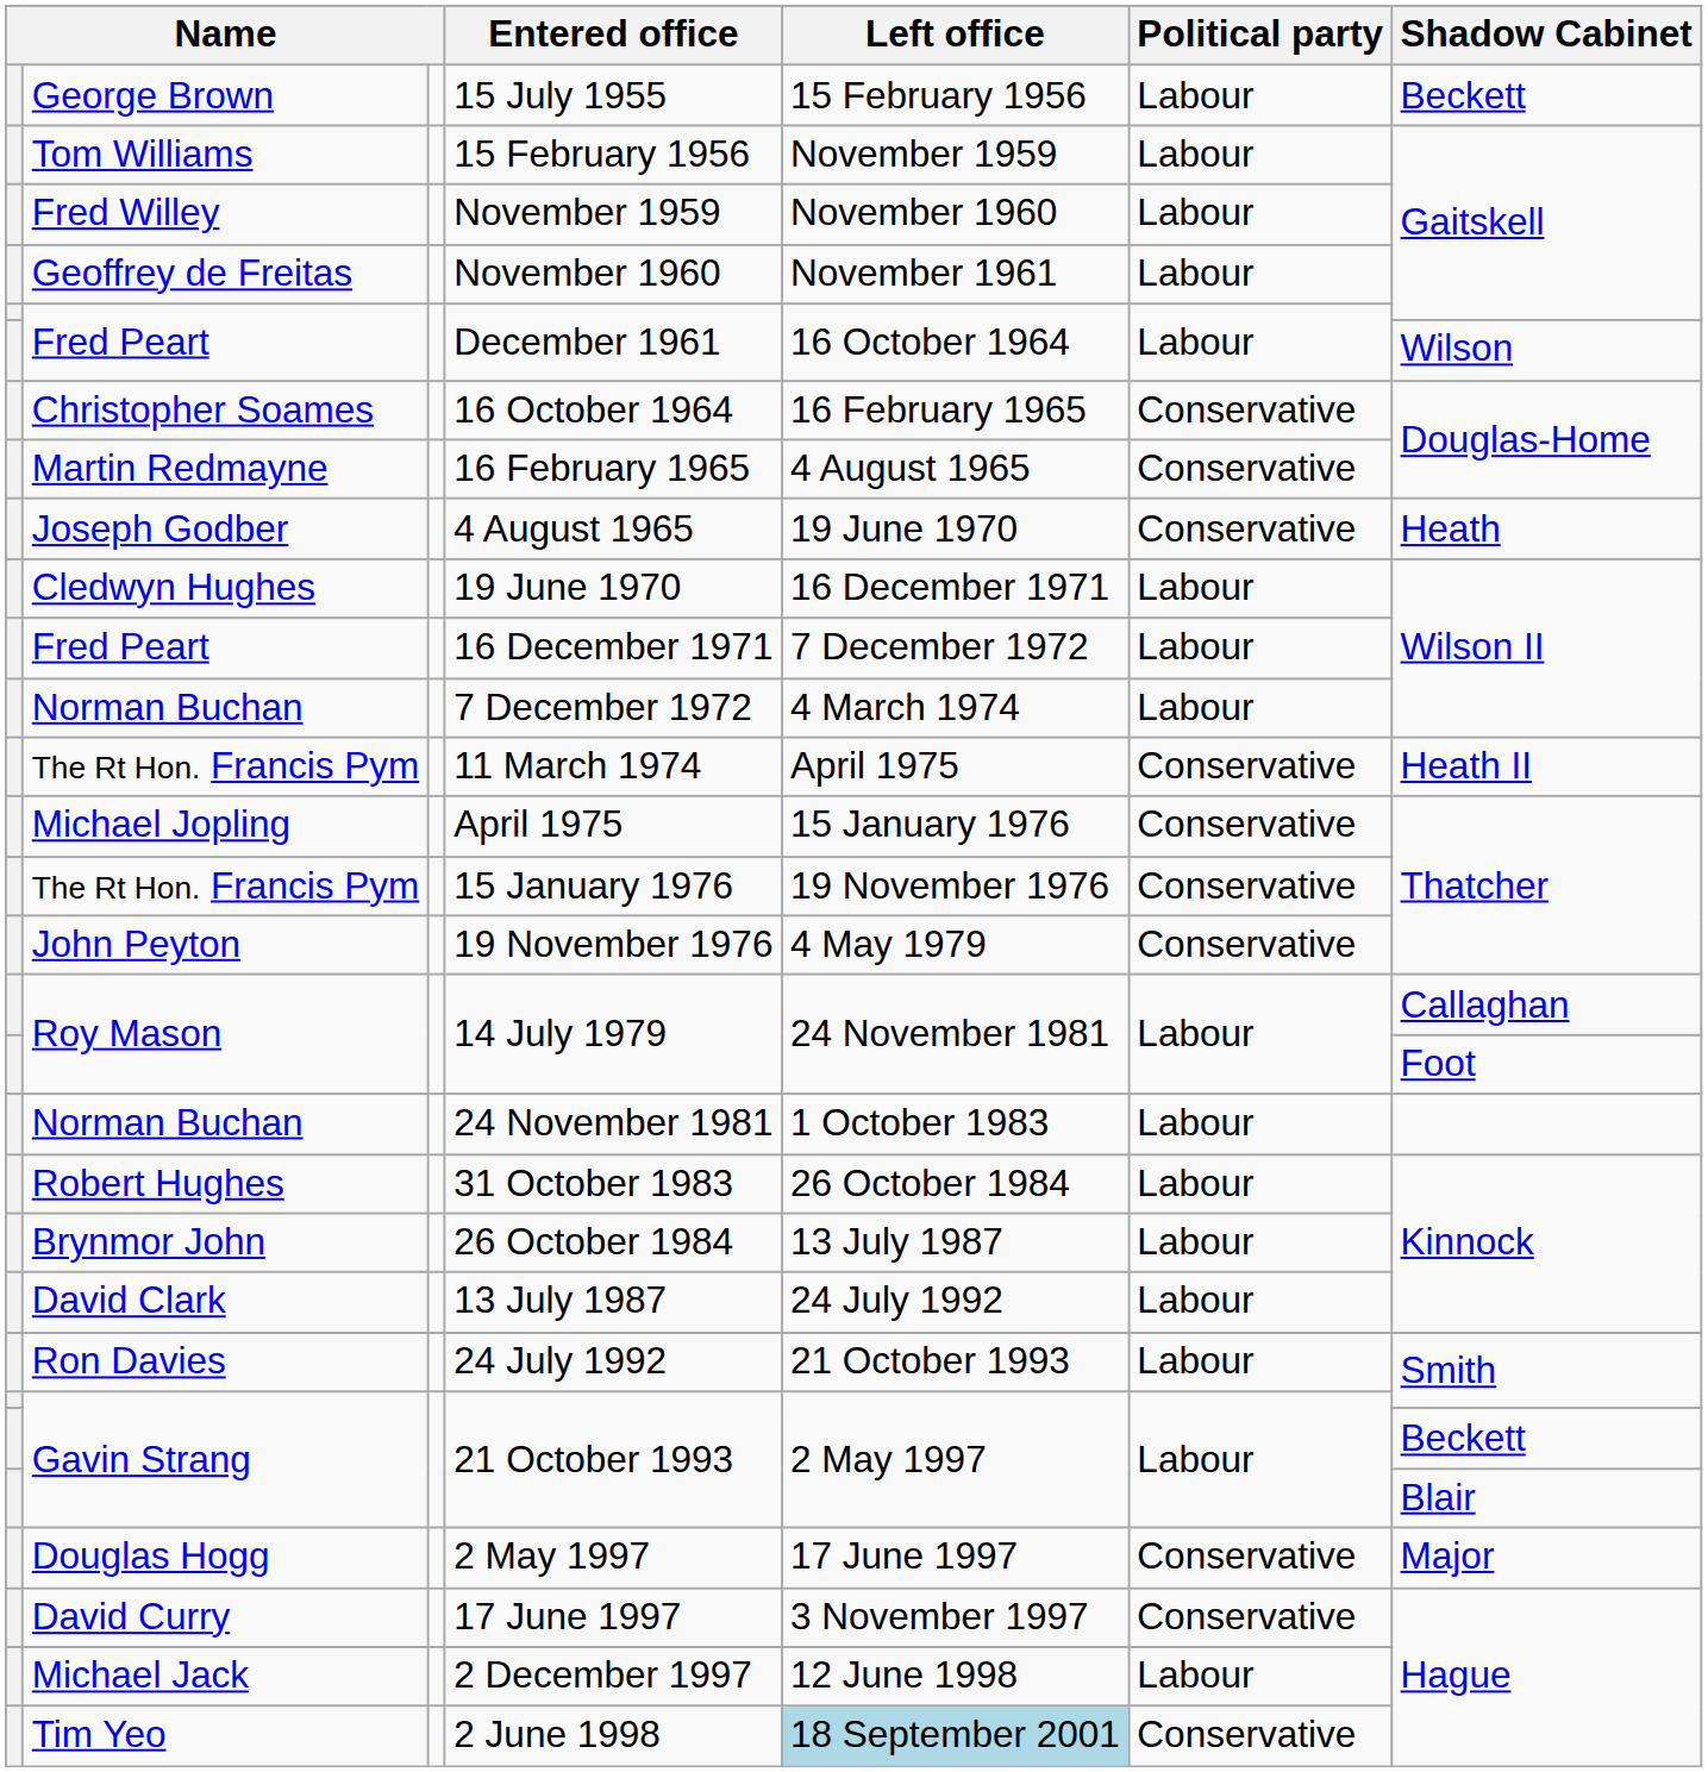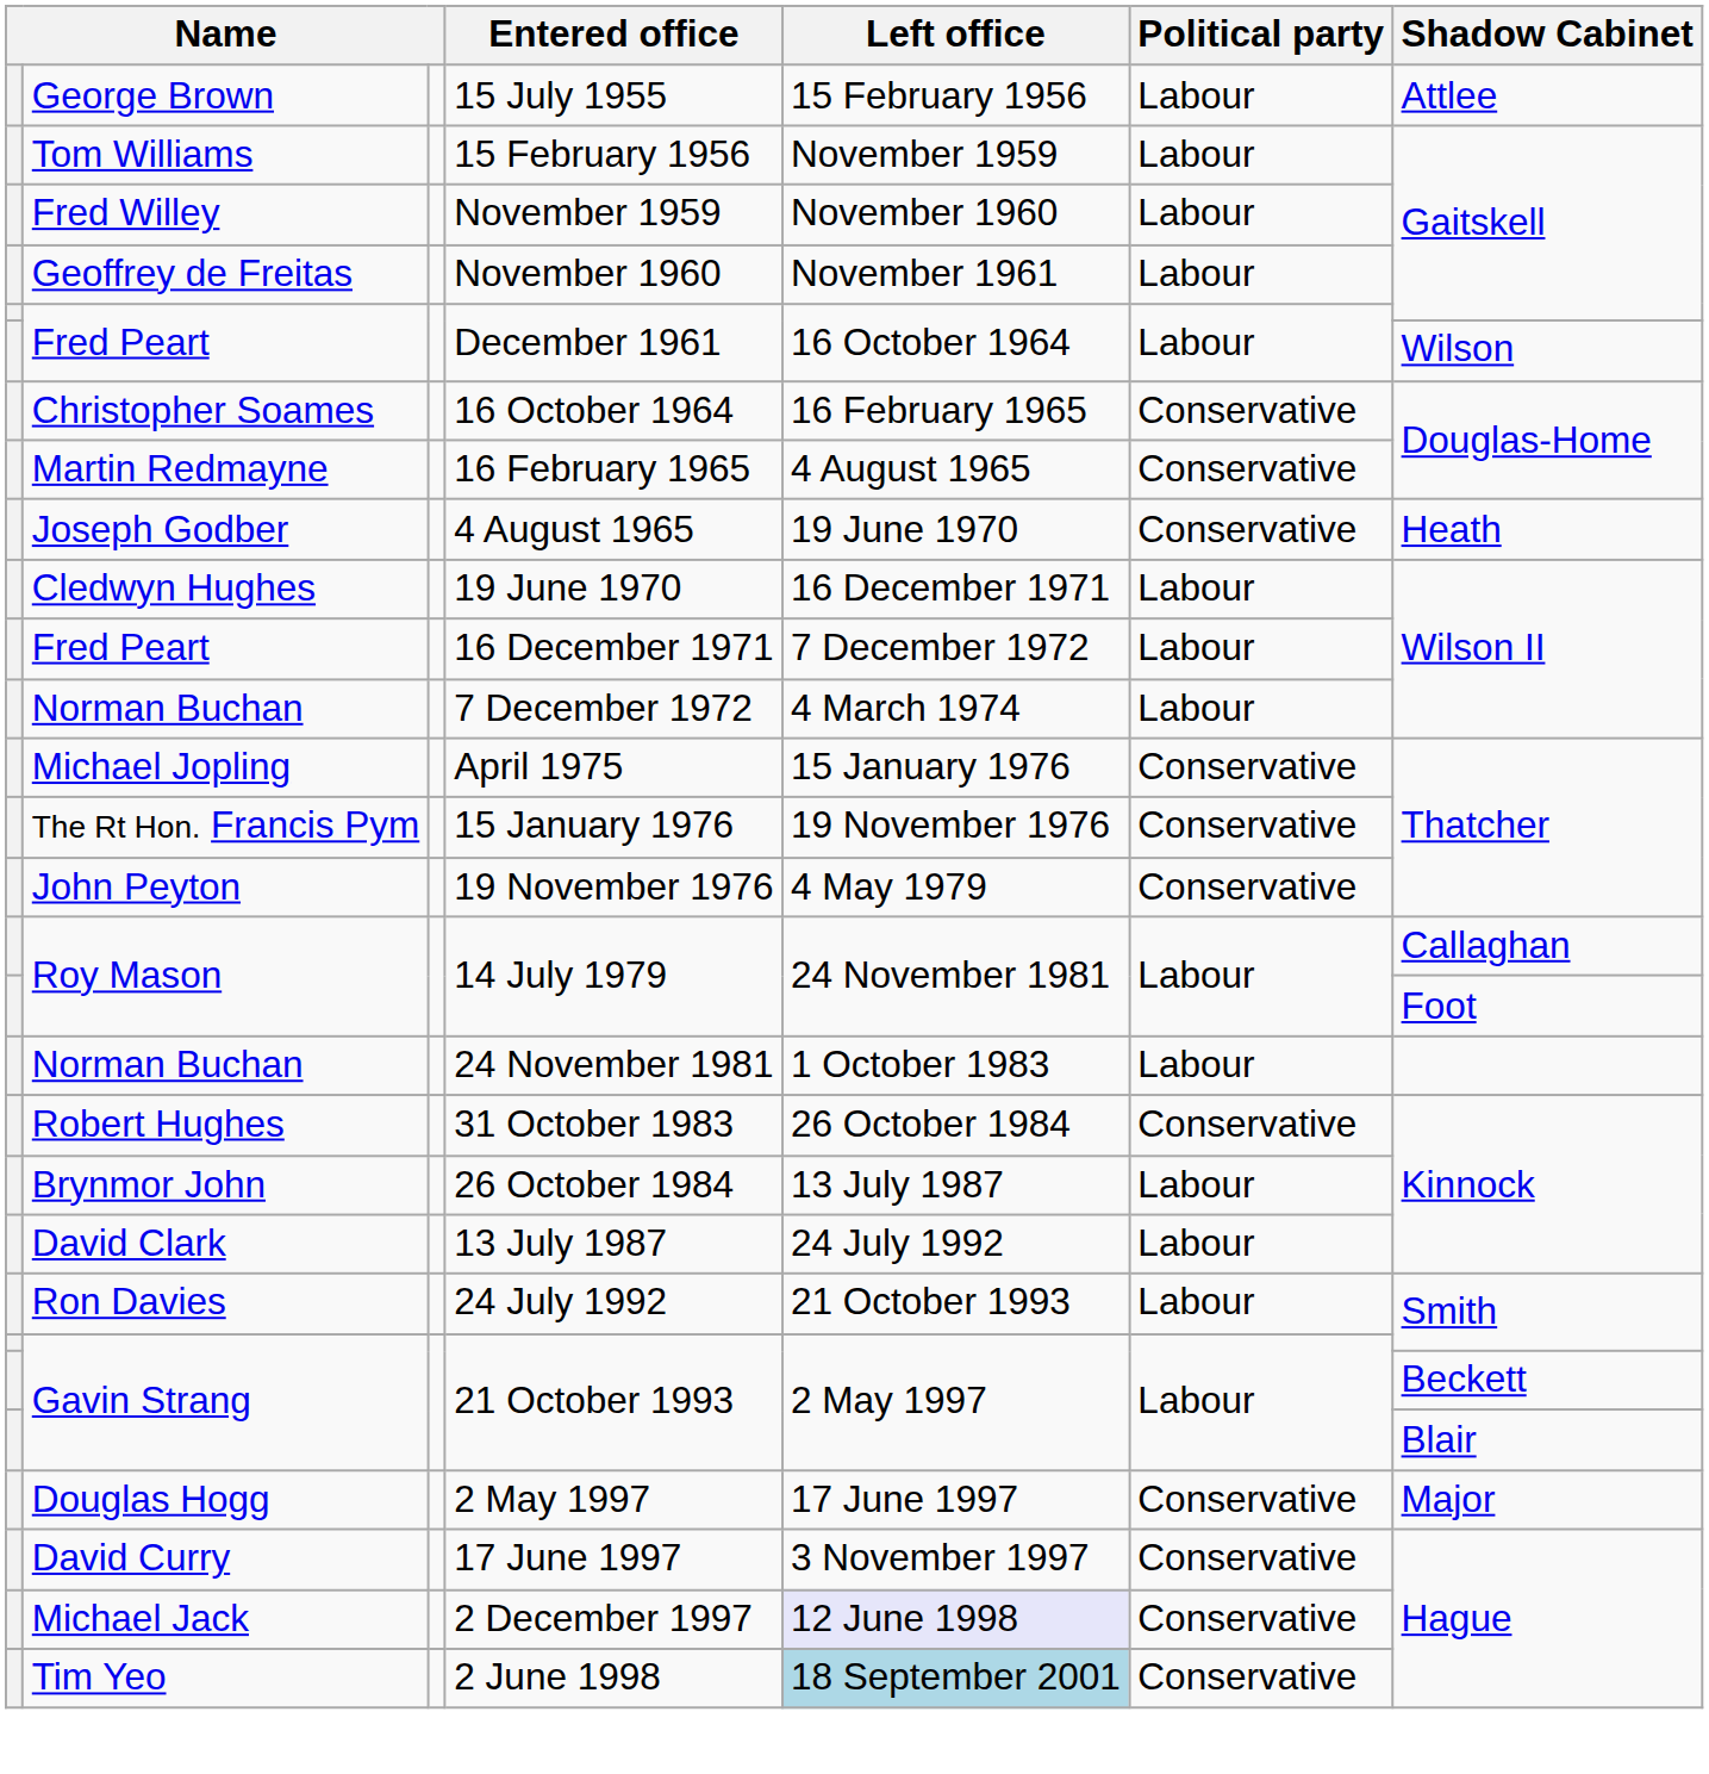 <table class="wikitable">
 <tr>
 <th colspan=3>Name</th>
 <th>Entered office</th>
 <th>Left office</th>
 <th>Political party</th>
 <th>Shadow Cabinet</th>
 </tr>
 <tr>
 <th style="background-color: "></th>
 <td><a href='#'>George Brown</a></td>
 <td></td>
 <td>15 July 1955</td>
 <td>15 February 1956</td>
 <td>Labour</td>
-<td><a href='#'>Beckett</a></td>
+<td><a href='#'>Attlee</a></td>
 </tr>
 <tr>
 <th style="background-color: "></th>
 <td><a href='#'>Tom Williams</a></td>
 <td></td>
 <td>15 February 1956</td>
 <td>November 1959</td>
 <td>Labour</td>
 <td rowspan=4 ><a href='#'>Gaitskell</a></td>
 </tr>
 <tr>
 <th style="background-color: "></th>
 <td><a href='#'>Fred Willey</a></td>
 <td></td>
 <td>November 1959</td>
 <td>November 1960</td>
 <td>Labour</td>
 </tr>
 <tr>
 <th style="background-color: "></th>
 <td><a href='#'>Geoffrey de Freitas</a></td>
 <td></td>
 <td>November 1960</td>
 <td>November 1961</td>
 <td>Labour</td>
 </tr>
 <tr>
 <th style="background-color: "></th>
 <td rowspan=2><a href='#'>Fred Peart</a></td>
 <td rowspan=2></td>
 <td rowspan=2>December 1961</td>
 <td rowspan=2>16 October 1964</td>
 <td rowspan=2>Labour</td>
 </tr>
 <tr>
 <th style="background-color: "></th>
 <td><a href='#'>Wilson</a></td>
 </tr>
 <tr>
 <th style="background-color: "></th>
 <td><a href='#'>Christopher Soames</a></td>
 <td></td>
 <td>16 October 1964</td>
 <td>16 February 1965</td>
 <td>Conservative</td>
 <td rowspan=2 ><a href='#'>Douglas-Home</a></td>
 </tr>
 <tr>
 <th style="background-color: "></th>
 <td><a href='#'>Martin Redmayne</a></td>
 <td></td>
 <td>16 February 1965</td>
 <td>4 August 1965</td>
 <td>Conservative</td>
 </tr>
 <tr>
 <th style="background-color: "></th>
 <td><a href='#'>Joseph Godber</a></td>
 <td></td>
 <td>4 August 1965</td>
 <td>19 June 1970</td>
 <td>Conservative</td>
 <td><a href='#'>Heath</a></td>
 </tr>
 <tr>
 <th style="background-color: "></th>
 <td><a href='#'>Cledwyn Hughes</a></td>
 <td></td>
 <td>19 June 1970</td>
 <td>16 December 1971</td>
 <td>Labour</td>
 <td rowspan=3 ><a href='#'>Wilson II</a></td>
 </tr>
 <tr>
 <th style="background-color: "></th>
 <td><a href='#'>Fred Peart</a></td>
 <td></td>
 <td>16 December 1971</td>
 <td>7 December 1972</td>
 <td>Labour</td>
 </tr>
 <tr>
 <th style="background-color: "></th>
 <td><a href='#'>Norman Buchan</a></td>
 <td></td>
 <td>7 December 1972</td>
 <td>4 March 1974</td>
 <td>Labour</td>
 </tr>
 <tr>
 <th style="background-color: "></th>
-<td><small>The Rt Hon.</small> <a href='#'>Francis Pym</a></td>
-<td></td>
-<td>11 March 1974</td>
-<td>April 1975</td>
-<td>Conservative</td>
-<td><a href='#'>Heath II</a></td>
-</tr>
-<tr>
-<th style="background-color: "></th>
 <td><a href='#'>Michael Jopling</a></td>
 <td></td>
 <td>April 1975</td>
 <td>15 January 1976</td>
 <td>Conservative</td>
 <td rowspan=3 ><a href='#'>Thatcher</a></td>
 </tr>
 <tr>
 <th style="background-color: "></th>
 <td><small>The Rt Hon.</small> <a href='#'>Francis Pym</a></td>
 <td></td>
 <td>15 January 1976</td>
 <td>19 November 1976</td>
 <td>Conservative</td>
 </tr>
 <tr>
 <th style="background-color: "></th>
 <td><a href='#'>John Peyton</a></td>
 <td></td>
 <td>19 November 1976</td>
 <td>4 May 1979</td>
 <td>Conservative</td>
 </tr>
 <tr>
 <th style="background-color: "></th>
 <td rowspan=2><a href='#'>Roy Mason</a></td>
 <td rowspan=2></td>
 <td rowspan=2>14 July 1979</td>
 <td rowspan=2>24 November 1981</td>
 <td rowspan=2>Labour</td>
 <td><a href='#'>Callaghan</a></td>
 </tr>
 <tr>
 <th style="background-color: "></th>
 <td><a href='#'>Foot</a></td>
 </tr>
 <tr>
 <th style="background-color: "></th>
 <td><a href='#'>Norman Buchan</a></td>
 <td></td>
 <td>24 November 1981</td>
 <td>1 October 1983</td>
 <td>Labour</td>
 </tr>
 <tr>
 <th style="background-color: "></th>
 <td><a href='#'>Robert Hughes</a></td>
 <td></td>
 <td>31 October 1983</td>
 <td>26 October 1984</td>
-<td>Labour</td>
+<td>Conservative</td>
 <td rowspan=3 ><a href='#'>Kinnock</a></td>
 </tr>
 <tr>
 <th style="background-color: "></th>
 <td><a href='#'>Brynmor John</a></td>
 <td></td>
 <td>26 October 1984</td>
 <td>13 July 1987</td>
 <td>Labour</td>
 </tr>
 <tr>
 <th style="background-color: "></th>
 <td><a href='#'>David Clark</a></td>
 <td></td>
 <td>13 July 1987</td>
 <td>24 July 1992</td>
 <td>Labour</td>
 </tr>
 <tr>
 <th style="background-color: "></th>
 <td><a href='#'>Ron Davies</a></td>
 <td></td>
 <td>24 July 1992</td>
 <td>21 October 1993</td>
 <td>Labour</td>
 <td rowspan=2 ><a href='#'>Smith</a></td>
 </tr>
 <tr>
 <th style="background-color: "></th>
 <td rowspan=3><a href='#'>Gavin Strang</a></td>
 <td rowspan=3></td>
 <td rowspan=3>21 October 1993</td>
 <td rowspan=3>2 May 1997</td>
 <td rowspan=3>Labour</td>
 </tr>
 <tr>
 <th style="background-color: "></th>
 <td><a href='#'>Beckett</a></td>
 </tr>
 <tr>
 <th style="background-color: "></th>
 <td><a href='#'>Blair</a></td>
 </tr>
 <tr>
 <th style="background-color: "></th>
 <td><a href='#'>Douglas Hogg</a></td>
 <td></td>
 <td>2 May 1997</td>
 <td>17 June 1997</td>
 <td>Conservative</td>
 <td><a href='#'>Major</a></td>
 </tr>
 <tr>
 <th style="background-color: "></th>
 <td><a href='#'>David Curry</a></td>
 <td></td>
 <td>17 June 1997</td>
 <td>3 November 1997</td>
 <td>Conservative</td>
 <td rowspan=3 ><a href='#'>Hague</a></td>
 </tr>
 <tr>
 <th style="background-color: "></th>
 <td><a href='#'>Michael Jack</a></td>
 <td></td>
 <td>2 December 1997</td>
-<td>12 June 1998</td>
-<td>Labour</td>
+<td style="background: lavender;">12 June 1998</td>
+<td>Conservative</td>
 </tr>
 <tr>
 <th style="background-color: "></th>
 <td><a href='#'>Tim Yeo</a></td>
 <td></td>
 <td>2 June 1998</td>
 <td style="background: lightblue;">18 September 2001</td>
 <td>Conservative</td>
 </tr>
 </table>
